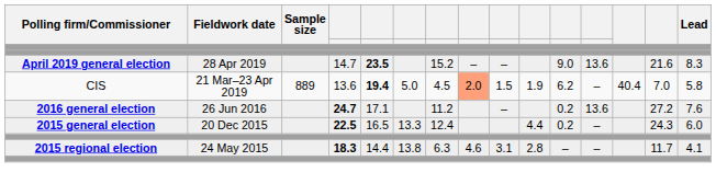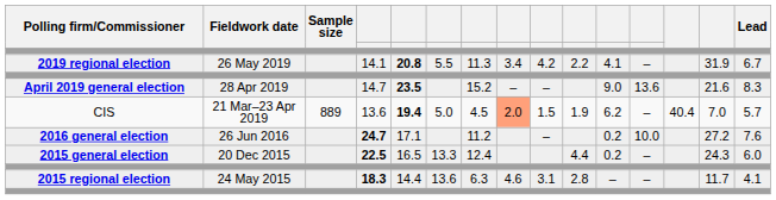 <table class="wikitable collapsible collapsed" style="text-align:center; font-size:90%; line-height:14px;">
 <tr style="height:42px;">
 <th style="width:250px;" rowspan="2">Polling firm/Commissioner</th>
 <th style="width:125px;" rowspan="2">Fieldwork date</th>
 <th style="width:50px;" rowspan="2">Sample size</th>
 <th style="width:35px;"></th>
 <th style="width:35px;"></th>
 <th style="width:35px;"></th>
 <th style="width:35px;"></th>
 <th style="width:35px;"></th>
 <th style="width:35px;"></th>
 <th style="width:35px;"></th>
 <th style="width:35px;"></th>
 <th style="width:35px;"></th>
 <th style="width:35px;" rowspan="2"></th>
 <th style="width:35px;" rowspan="2"></th>
 <th style="width:30px;" rowspan="2">Lead</th>
 </tr>
 <tr>
 <th style="color:inherit;background:"></th>
 <th style="color:inherit;background:"></th>
 <th style="color:inherit;background:"></th>
 <th style="color:inherit;background:"></th>
 <th style="color:inherit;background:"></th>
 <th style="color:inherit;background:"></th>
 <th style="color:inherit;background:"></th>
 <th style="color:inherit;background:"></th>
 <th style="color:inherit;background:"></th>
 </tr>
 <tr>
 <td colspan="15" style="background:#A0A0A0"></td>
+</tr>
+<tr style="background:#EFEFEF;">
+<td><strong><a href='#'>2019 regional election</a></strong></td>
+<td>26 May 2019</td>
+<td></td>
+<td>14.1</td>
+<td><strong>20.8</strong></td>
+<td>5.5</td>
+<td>11.3</td>
+<td>3.4</td>
+<td>4.2</td>
+<td>2.2</td>
+<td>4.1</td>
+<td>–</td>
+<td></td>
+<td>31.9</td>
+<td style="background:">6.7</td>
 </tr>
 <tr>
 <td colspan="15" style="background:#A0A0A0"></td>
 </tr>
 <tr style="background:#EFEFEF;">
 <td><strong><a href='#'>April 2019 general election</a></strong></td>
 <td>28 Apr 2019</td>
 <td></td>
 <td>14.7</td>
 <td><strong>23.5</strong></td>
 <td></td>
 <td>15.2</td>
 <td>–</td>
 <td>–</td>
 <td></td>
 <td>9.0</td>
 <td>13.6</td>
 <td></td>
 <td>21.6</td>
 <td style="background:">8.3</td>
 </tr>
 <tr>
 <td>CIS</td>
 <td>21 Mar–23 Apr 2019</td>
 <td>889</td>
 <td>13.6</td>
 <td><strong>19.4</strong></td>
 <td>5.0</td>
 <td>4.5</td>
 <td style="background: lightsalmon;">2.0</td>
 <td>1.5</td>
 <td>1.9</td>
 <td>6.2</td>
 <td>–</td>
 <td>40.4</td>
 <td>7.0</td>
-<td style="background:">5.8</td>
+<td style="background:">5.7</td>
 </tr>
 <tr style="background:#EFEFEF;">
 <td><strong><a href='#'>2016 general election</a></strong></td>
 <td>26 Jun 2016</td>
 <td></td>
 <td><strong>24.7</strong></td>
 <td>17.1</td>
 <td></td>
 <td>11.2</td>
 <td></td>
 <td>–</td>
 <td></td>
 <td>0.2</td>
-<td>13.6</td>
+<td>10.0</td>
 <td></td>
 <td>27.2</td>
 <td style="background:">7.6</td>
 </tr>
 <tr style="background:#EFEFEF;">
 <td><strong><a href='#'>2015 general election</a></strong></td>
 <td>20 Dec 2015</td>
 <td></td>
 <td><strong>22.5</strong></td>
 <td>16.5</td>
 <td>13.3</td>
 <td>12.4</td>
 <td></td>
 <td></td>
 <td>4.4</td>
 <td>0.2</td>
 <td>–</td>
 <td></td>
 <td>24.3</td>
 <td style="background:">6.0</td>
 </tr>
 <tr>
 <td colspan="15" style="background:#A0A0A0"></td>
 </tr>
 <tr style="background:#EFEFEF;">
 <td><strong><a href='#'>2015 regional election</a></strong></td>
 <td>24 May 2015</td>
 <td></td>
 <td><strong>18.3</strong></td>
 <td>14.4</td>
-<td>13.8</td>
+<td>13.6</td>
 <td>6.3</td>
 <td>4.6</td>
 <td>3.1</td>
 <td>2.8</td>
 <td>–</td>
 <td>–</td>
 <td></td>
 <td>11.7</td>
 <td style="background:">4.1</td>
 </tr>
 <tr>
 <td colspan="15" style="background:#A0A0A0"></td>
 </tr>
 </table>
